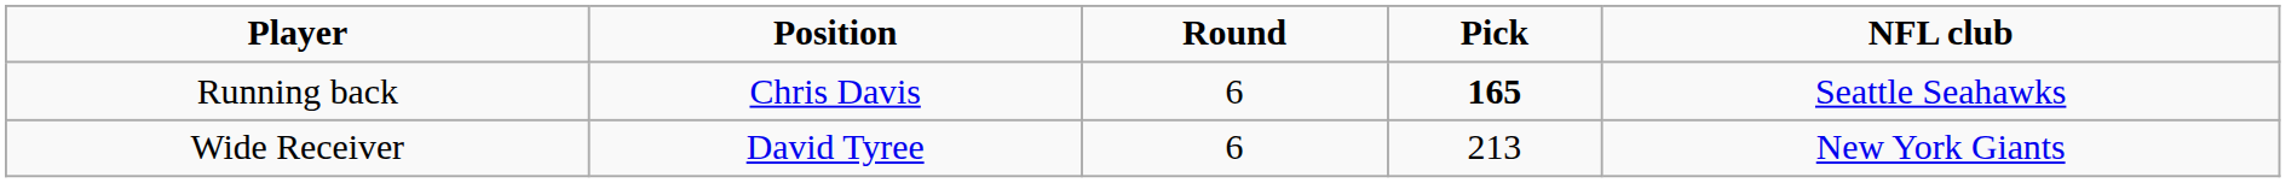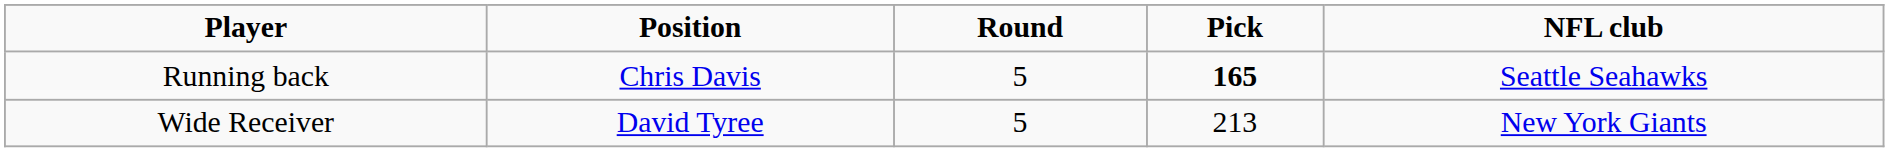 <table class="wikitable" width="80%">
 <tr align="center">
 <td><strong>Player</strong></td>
 <td><strong>Position</strong></td>
 <td><strong>Round</strong></td>
 <td><strong>Pick</strong></td>
 <td><strong>NFL club</strong></td>
 </tr>
 <tr align="center" bgcolor="">
 <td>Running back</td>
 <td><a href='#'>Chris Davis</a></td>
-<td>6</td>
+<td>5</td>
 <td><strong>165</strong></td>
 <td><a href='#'>Seattle Seahawks</a></td>
 </tr>
 <tr align="center" bgcolor="">
 <td>Wide Receiver</td>
 <td><a href='#'>David Tyree</a></td>
-<td>6</td>
+<td>5</td>
 <td>213</td>
 <td><a href='#'>New York Giants</a></td>
 </tr>
 </table>
